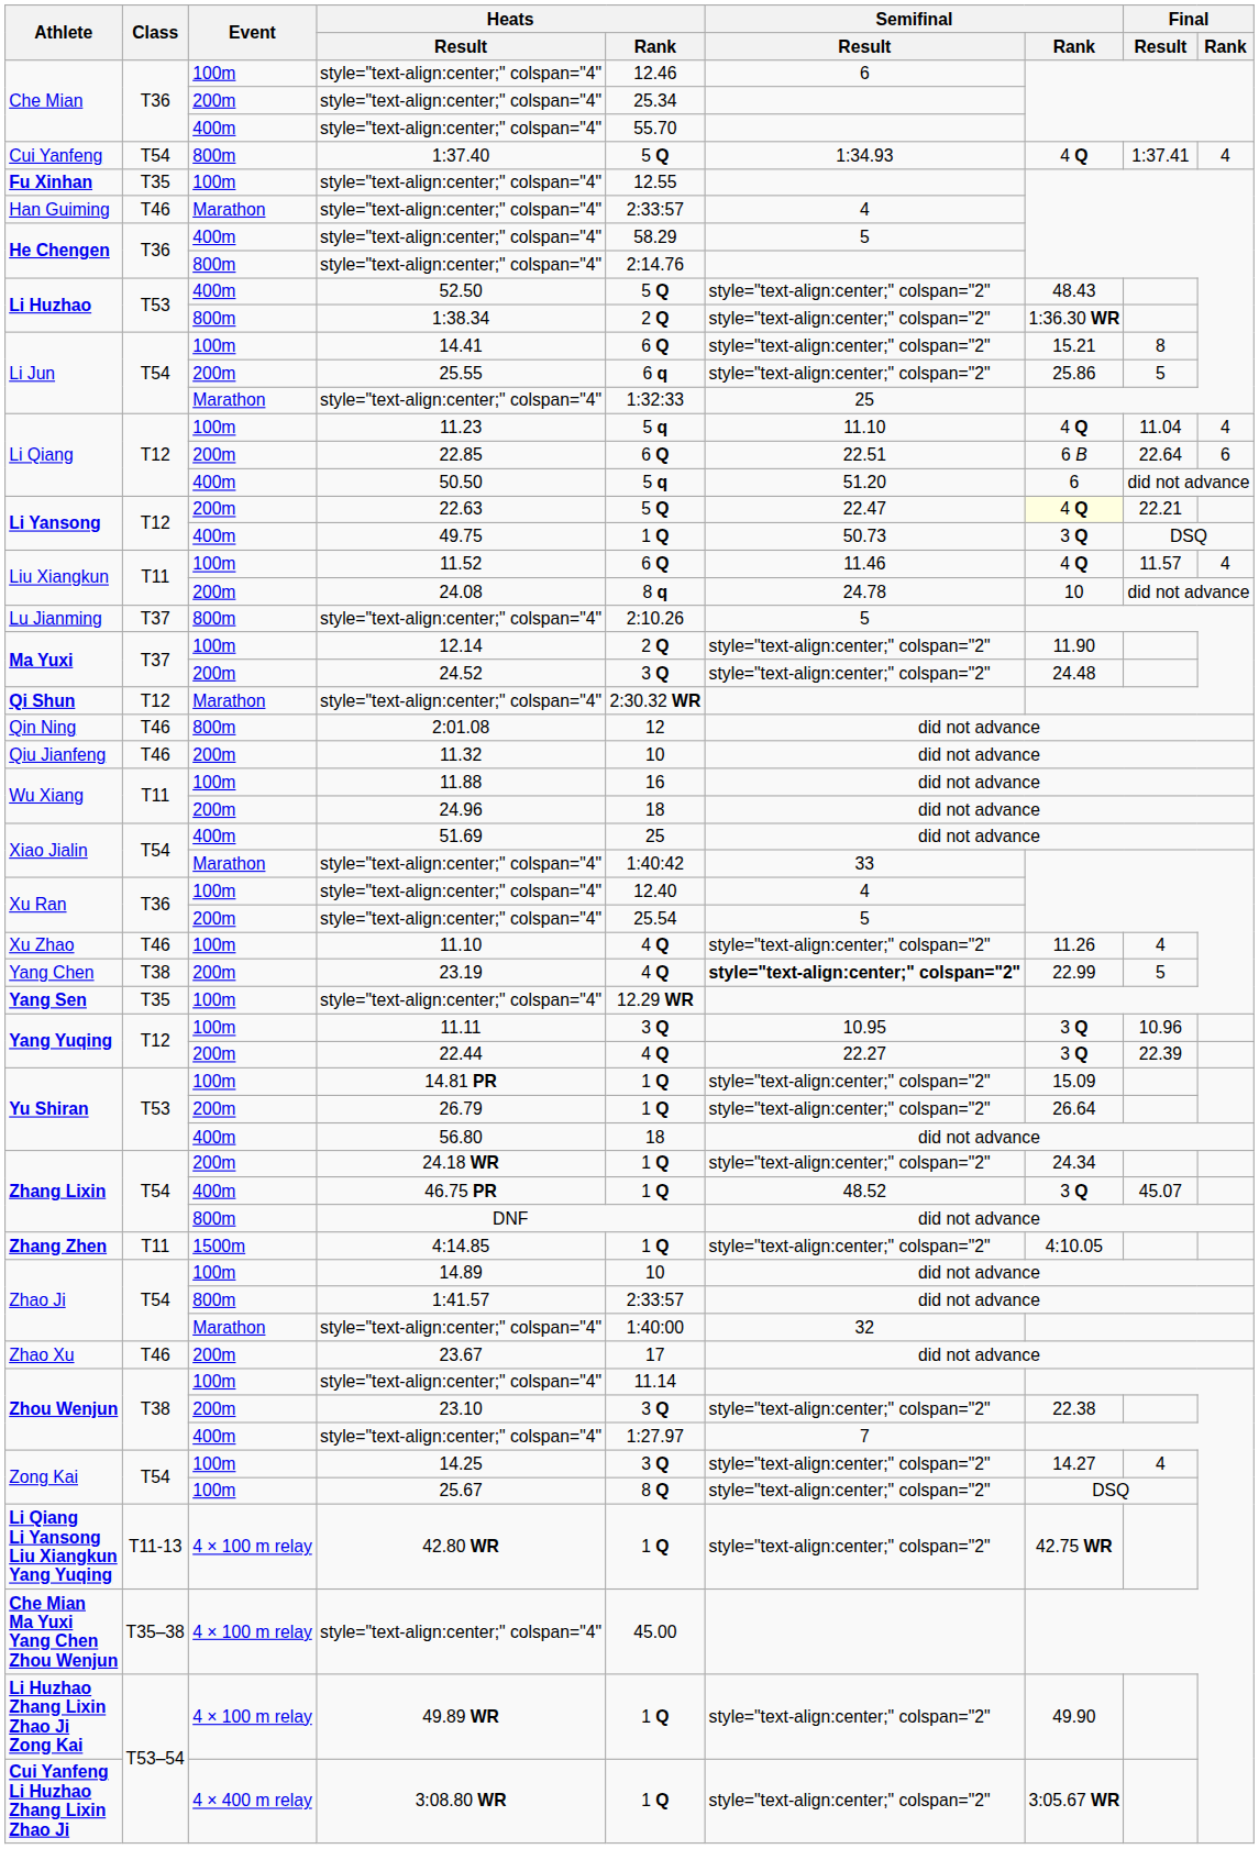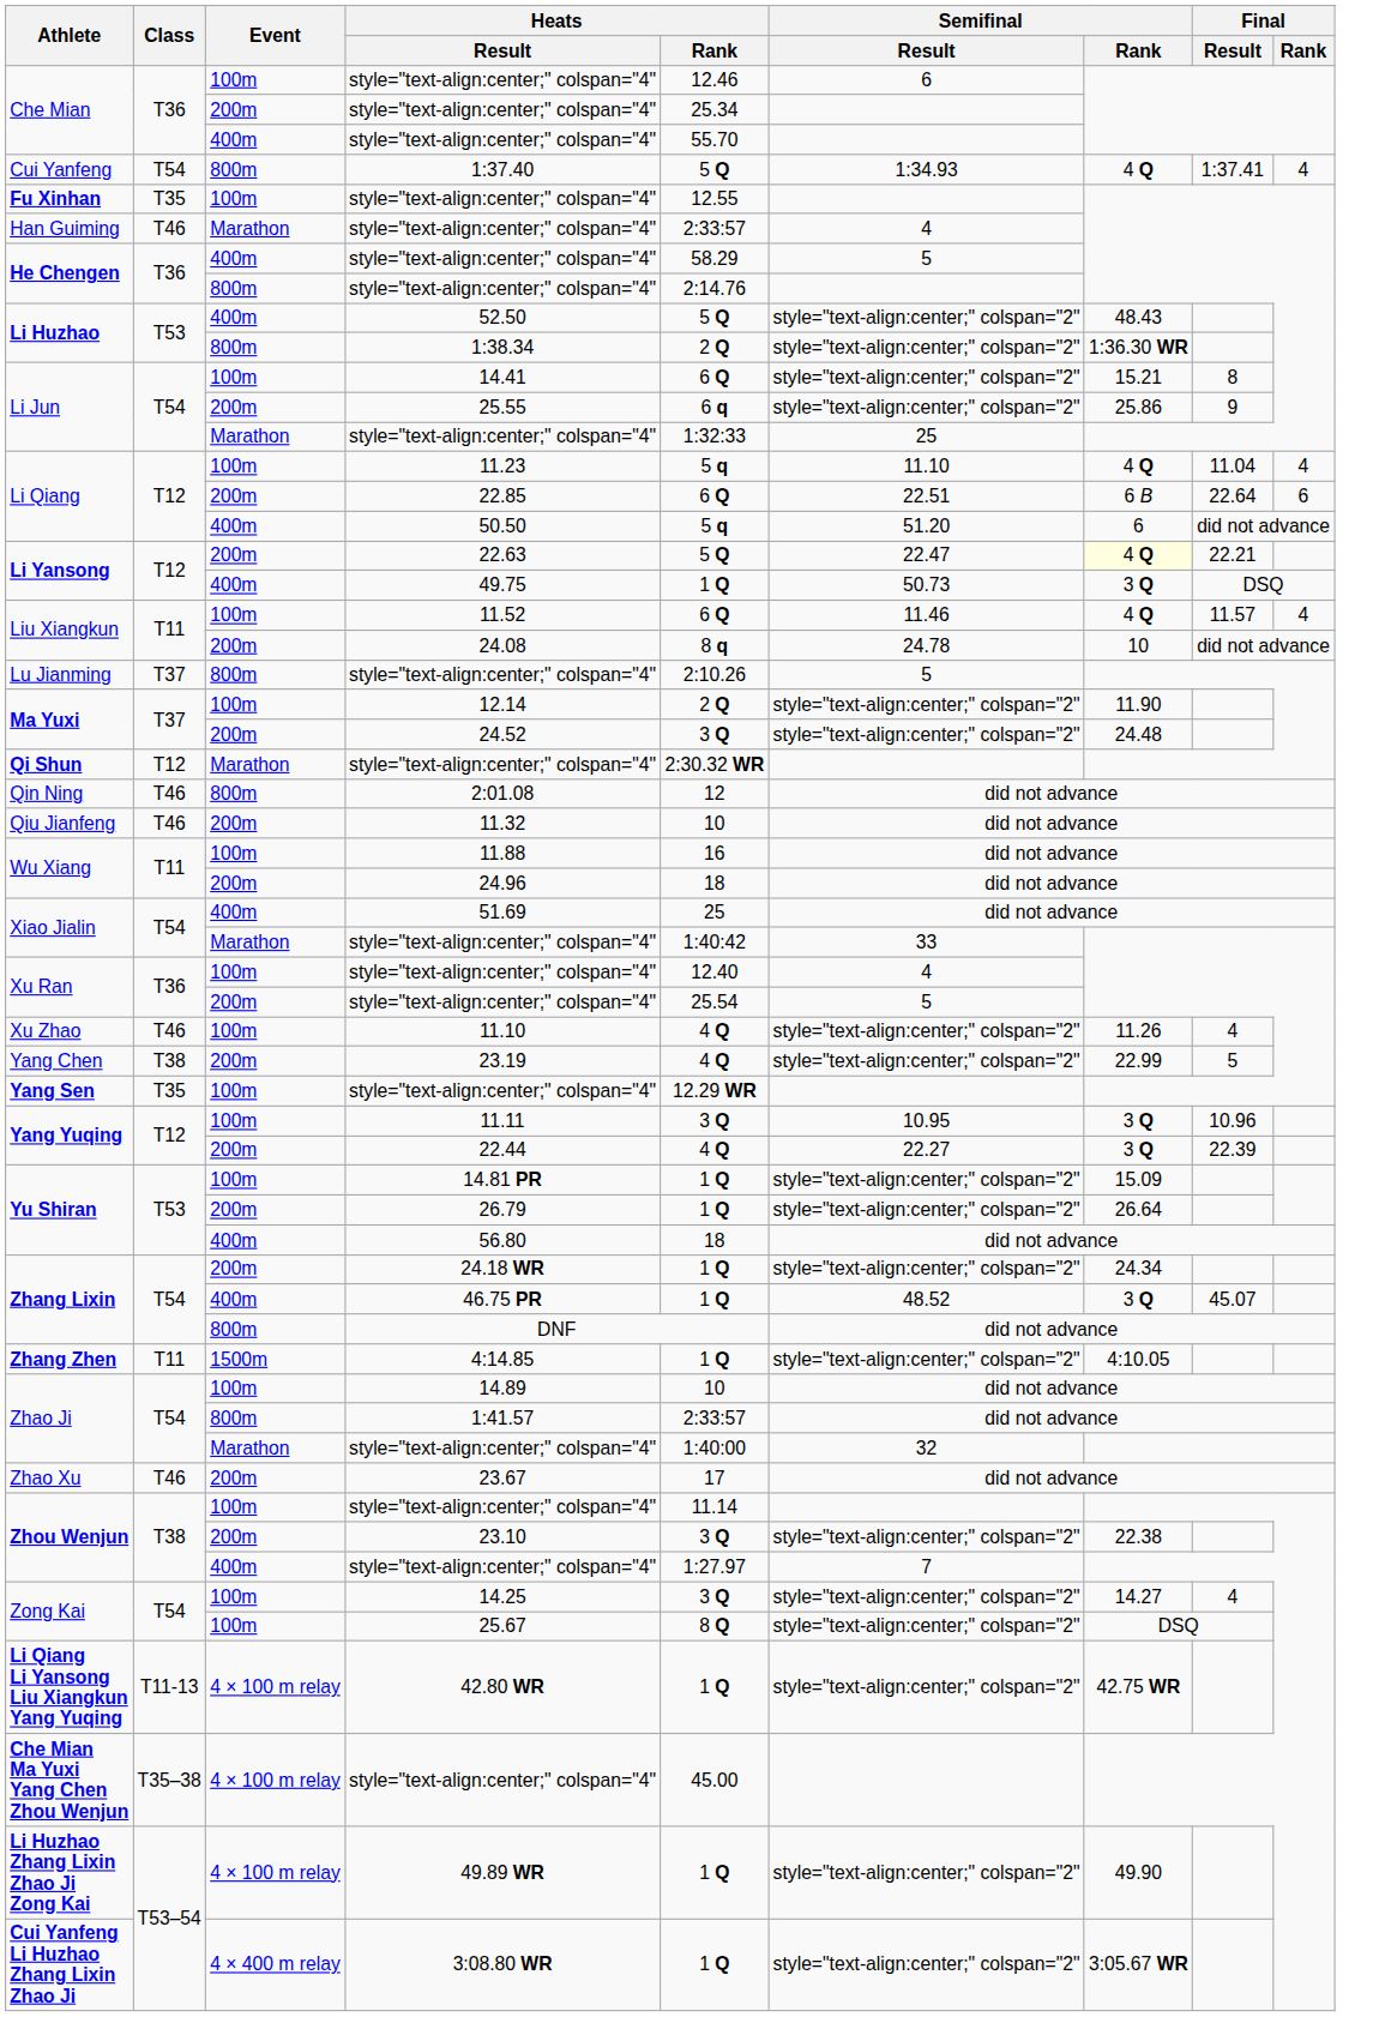 <table class=wikitable style="font-size:90%">
 <tr>
 <th rowspan="2">Athlete</th>
 <th rowspan="2">Class</th>
 <th rowspan="2">Event</th>
 <th colspan="2">Heats</th>
 <th colspan="2">Semifinal</th>
 <th colspan="2">Final</th>
 </tr>
 <tr>
 <th>Result</th>
 <th>Rank</th>
 <th>Result</th>
 <th>Rank</th>
 <th>Result</th>
 <th>Rank</th>
 </tr>
 <tr>
 <td rowspan="3"><a href='#'>Che Mian</a></td>
 <td rowspan="3" style="text-align:center;">T36</td>
 <td><a href='#'>100m</a></td>
 <td>style="text-align:center;" colspan="4" </td>
 <td style="text-align:center;">12.46</td>
 <td style="text-align:center;">6</td>
 </tr>
 <tr>
 <td><a href='#'>200m</a></td>
 <td>style="text-align:center;" colspan="4" </td>
 <td style="text-align:center;">25.34</td>
 <td style="text-align:center;"></td>
 </tr>
 <tr>
 <td><a href='#'>400m</a></td>
 <td>style="text-align:center;" colspan="4" </td>
 <td style="text-align:center;">55.70</td>
 <td style="text-align:center;"></td>
 </tr>
 <tr>
 <td><a href='#'>Cui Yanfeng</a></td>
 <td style="text-align:center;">T54</td>
 <td><a href='#'>800m</a></td>
 <td style="text-align:center;">1:37.40</td>
 <td style="text-align:center;">5 <strong>Q</strong></td>
 <td style="text-align:center;">1:34.93</td>
 <td style="text-align:center;">4 <strong>Q</strong></td>
 <td style="text-align:center;">1:37.41</td>
 <td style="text-align:center;">4</td>
 </tr>
 <tr>
 <td><strong><a href='#'>Fu Xinhan</a></strong></td>
 <td style="text-align:center;">T35</td>
 <td><a href='#'>100m</a></td>
 <td>style="text-align:center;" colspan="4" </td>
 <td style="text-align:center;">12.55</td>
 <td style="text-align:center;"></td>
 </tr>
 <tr>
 <td><a href='#'>Han Guiming</a></td>
 <td style="text-align:center;">T46</td>
 <td><a href='#'>Marathon</a></td>
 <td>style="text-align:center;" colspan="4" </td>
 <td style="text-align:center;">2:33:57</td>
 <td style="text-align:center;">4</td>
 </tr>
 <tr>
 <td rowspan="2"><strong><a href='#'>He Chengen</a></strong></td>
 <td rowspan="2" style="text-align:center;">T36</td>
 <td><a href='#'>400m</a></td>
 <td>style="text-align:center;" colspan="4" </td>
 <td style="text-align:center;">58.29</td>
 <td style="text-align:center;">5</td>
 </tr>
 <tr>
 <td><a href='#'>800m</a></td>
 <td>style="text-align:center;" colspan="4" </td>
 <td style="text-align:center;">2:14.76</td>
 <td style="text-align:center;"></td>
 </tr>
 <tr>
 <td rowspan="2"><strong><a href='#'>Li Huzhao</a></strong></td>
 <td rowspan="2" style="text-align:center;">T53</td>
 <td><a href='#'>400m</a></td>
 <td style="text-align:center;">52.50</td>
 <td style="text-align:center;">5 <strong>Q</strong></td>
 <td>style="text-align:center;" colspan="2" </td>
 <td style="text-align:center;">48.43</td>
 <td style="text-align:center;"></td>
 </tr>
 <tr>
 <td><a href='#'>800m</a></td>
 <td style="text-align:center;">1:38.34</td>
 <td style="text-align:center;">2 <strong>Q</strong></td>
 <td>style="text-align:center;" colspan="2" </td>
 <td style="text-align:center;">1:36.30 <strong>WR</strong></td>
 <td style="text-align:center;"></td>
 </tr>
 <tr>
 <td rowspan="3"><a href='#'>Li Jun</a></td>
 <td rowspan="3" style="text-align:center;">T54</td>
 <td><a href='#'>100m</a></td>
 <td style="text-align:center;">14.41</td>
 <td style="text-align:center;">6 <strong>Q</strong></td>
 <td>style="text-align:center;" colspan="2" </td>
 <td style="text-align:center;">15.21</td>
 <td style="text-align:center;">8</td>
 </tr>
 <tr>
 <td><a href='#'>200m</a></td>
 <td style="text-align:center;">25.55</td>
 <td style="text-align:center;">6 <strong>q</strong></td>
 <td>style="text-align:center;" colspan="2" </td>
 <td style="text-align:center;">25.86</td>
-<td style="text-align:center;">5</td>
+<td style="text-align:center;">9</td>
 </tr>
 <tr>
 <td><a href='#'>Marathon</a></td>
 <td>style="text-align:center;" colspan="4" </td>
 <td style="text-align:center;">1:32:33</td>
 <td style="text-align:center;">25</td>
 </tr>
 <tr>
 <td rowspan="3"><a href='#'>Li Qiang</a></td>
 <td rowspan="3" style="text-align:center;">T12</td>
 <td><a href='#'>100m</a></td>
 <td style="text-align:center;">11.23</td>
 <td style="text-align:center;">5 <strong>q</strong></td>
 <td style="text-align:center;">11.10</td>
 <td style="text-align:center;">4 <strong>Q</strong></td>
 <td style="text-align:center;">11.04</td>
 <td style="text-align:center;">4</td>
 </tr>
 <tr>
 <td><a href='#'>200m</a></td>
 <td style="text-align:center;">22.85</td>
 <td style="text-align:center;">6 <strong>Q</strong></td>
 <td style="text-align:center;">22.51</td>
 <td style="text-align:center;">6 <em>B</em></td>
 <td style="text-align:center;">22.64</td>
 <td style="text-align:center;">6</td>
 </tr>
 <tr>
 <td><a href='#'>400m</a></td>
 <td style="text-align:center;">50.50</td>
 <td style="text-align:center;">5 <strong>q</strong></td>
 <td style="text-align:center;">51.20</td>
 <td style="text-align:center;">6</td>
 <td style="text-align:center;" colspan="2">did not advance</td>
 </tr>
 <tr>
 <td rowspan="2"><strong><a href='#'>Li Yansong</a></strong></td>
 <td rowspan="2" style="text-align:center;">T12</td>
 <td><a href='#'>200m</a></td>
 <td style="text-align:center;">22.63</td>
 <td style="text-align:center;">5 <strong>Q</strong></td>
 <td style="text-align:center;">22.47</td>
 <td style="background: lightyellow; text-align:center;">4 <strong>Q</strong></td>
 <td style="text-align:center;">22.21</td>
 <td style="text-align:center;"></td>
 </tr>
 <tr>
 <td><a href='#'>400m</a></td>
 <td style="text-align:center;">49.75</td>
 <td style="text-align:center;">1 <strong>Q</strong></td>
 <td style="text-align:center;">50.73</td>
 <td style="text-align:center;">3 <strong>Q</strong></td>
 <td style="text-align:center;" colspan="2">DSQ</td>
 </tr>
 <tr>
 <td rowspan="2"><a href='#'>Liu Xiangkun</a></td>
 <td rowspan="2" style="text-align:center;">T11</td>
 <td><a href='#'>100m</a></td>
 <td style="text-align:center;">11.52</td>
 <td style="text-align:center;">6 <strong>Q</strong></td>
 <td style="text-align:center;">11.46</td>
 <td style="text-align:center;">4 <strong>Q</strong></td>
 <td style="text-align:center;">11.57</td>
 <td style="text-align:center;">4</td>
 </tr>
 <tr>
 <td><a href='#'>200m</a></td>
 <td style="text-align:center;">24.08</td>
 <td style="text-align:center;">8 <strong>q</strong></td>
 <td style="text-align:center;">24.78</td>
 <td style="text-align:center;">10</td>
 <td style="text-align:center;" colspan="2">did not advance</td>
 </tr>
 <tr>
 <td><a href='#'>Lu Jianming</a></td>
 <td style="text-align:center;">T37</td>
 <td><a href='#'>800m</a></td>
 <td>style="text-align:center;" colspan="4" </td>
 <td style="text-align:center;">2:10.26</td>
 <td style="text-align:center;">5</td>
 </tr>
 <tr>
 <td rowspan="2"><strong><a href='#'>Ma Yuxi</a></strong></td>
 <td rowspan="2" style="text-align:center;">T37</td>
 <td><a href='#'>100m</a></td>
 <td style="text-align:center;">12.14</td>
 <td style="text-align:center;">2 <strong>Q</strong></td>
 <td>style="text-align:center;" colspan="2" </td>
 <td style="text-align:center;">11.90</td>
 <td style="text-align:center;"></td>
 </tr>
 <tr>
 <td><a href='#'>200m</a></td>
 <td style="text-align:center;">24.52</td>
 <td style="text-align:center;">3 <strong>Q</strong></td>
 <td>style="text-align:center;" colspan="2" </td>
 <td style="text-align:center;">24.48</td>
 <td style="text-align:center;"></td>
 </tr>
 <tr>
 <td><strong><a href='#'>Qi Shun</a></strong></td>
 <td style="text-align:center;">T12</td>
 <td><a href='#'>Marathon</a></td>
 <td>style="text-align:center;" colspan="4" </td>
 <td style="text-align:center;">2:30.32 <strong>WR</strong></td>
 <td style="text-align:center;"></td>
 </tr>
 <tr>
 <td><a href='#'>Qin Ning</a></td>
 <td style="text-align:center;">T46</td>
 <td><a href='#'>800m</a></td>
 <td style="text-align:center;">2:01.08</td>
 <td style="text-align:center;">12</td>
 <td style="text-align:center;" colspan="4">did not advance</td>
 </tr>
 <tr>
 <td><a href='#'>Qiu Jianfeng</a></td>
 <td style="text-align:center;">T46</td>
 <td><a href='#'>200m</a></td>
 <td style="text-align:center;">11.32</td>
 <td style="text-align:center;">10</td>
 <td style="text-align:center;" colspan="4">did not advance</td>
 </tr>
 <tr>
 <td rowspan="2"><a href='#'>Wu Xiang</a></td>
 <td rowspan="2" style="text-align:center;">T11</td>
 <td><a href='#'>100m</a></td>
 <td style="text-align:center;">11.88</td>
 <td style="text-align:center;">16</td>
 <td style="text-align:center;" colspan="4">did not advance</td>
 </tr>
 <tr>
 <td><a href='#'>200m</a></td>
 <td style="text-align:center;">24.96</td>
 <td style="text-align:center;">18</td>
 <td style="text-align:center;" colspan="4">did not advance</td>
 </tr>
 <tr>
 <td rowspan="2"><a href='#'>Xiao Jialin</a></td>
 <td rowspan="2" style="text-align:center;">T54</td>
 <td><a href='#'>400m</a></td>
 <td style="text-align:center;">51.69</td>
 <td style="text-align:center;">25</td>
 <td style="text-align:center;" colspan="4">did not advance</td>
 </tr>
 <tr>
 <td><a href='#'>Marathon</a></td>
 <td>style="text-align:center;" colspan="4" </td>
 <td style="text-align:center;">1:40:42</td>
 <td style="text-align:center;">33</td>
 </tr>
 <tr>
 <td rowspan="2"><a href='#'>Xu Ran</a></td>
 <td rowspan="2" style="text-align:center;">T36</td>
 <td><a href='#'>100m</a></td>
 <td>style="text-align:center;" colspan="4" </td>
 <td style="text-align:center;">12.40</td>
 <td style="text-align:center;">4</td>
 </tr>
 <tr>
 <td><a href='#'>200m</a></td>
 <td>style="text-align:center;" colspan="4" </td>
 <td style="text-align:center;">25.54</td>
 <td style="text-align:center;">5</td>
 </tr>
 <tr>
 <td><a href='#'>Xu Zhao</a></td>
 <td style="text-align:center;">T46</td>
 <td><a href='#'>100m</a></td>
 <td style="text-align:center;">11.10</td>
 <td style="text-align:center;">4 <strong>Q</strong></td>
 <td>style="text-align:center;" colspan="2" </td>
 <td style="text-align:center;">11.26</td>
 <td style="text-align:center;">4</td>
 </tr>
 <tr>
 <td><a href='#'>Yang Chen</a></td>
 <td style="text-align:center;">T38</td>
 <td><a href='#'>200m</a></td>
 <td style="text-align:center;">23.19</td>
 <td style="text-align:center;">4 <strong>Q</strong></td>
-<td><strong>style="text-align:center;" colspan="2" </strong></td>
+<td>style="text-align:center;" colspan="2" </td>
 <td style="text-align:center;">22.99</td>
 <td style="text-align:center;">5</td>
 </tr>
 <tr>
 <td><strong><a href='#'>Yang Sen</a></strong></td>
 <td style="text-align:center;">T35</td>
 <td><a href='#'>100m</a></td>
 <td>style="text-align:center;" colspan="4" </td>
 <td style="text-align:center;">12.29 <strong>WR</strong></td>
 <td style="text-align:center;"></td>
 </tr>
 <tr>
 <td rowspan="2"><strong><a href='#'>Yang Yuqing</a></strong></td>
 <td rowspan="2" style="text-align:center;">T12</td>
 <td><a href='#'>100m</a></td>
 <td style="text-align:center;">11.11</td>
 <td style="text-align:center;">3 <strong>Q</strong></td>
 <td style="text-align:center;">10.95</td>
 <td style="text-align:center;">3 <strong>Q</strong></td>
 <td style="text-align:center;">10.96</td>
 <td style="text-align:center;"></td>
 </tr>
 <tr>
 <td><a href='#'>200m</a></td>
 <td style="text-align:center;">22.44</td>
 <td style="text-align:center;">4 <strong>Q</strong></td>
 <td style="text-align:center;">22.27</td>
 <td style="text-align:center;">3 <strong>Q</strong></td>
 <td style="text-align:center;">22.39</td>
 <td style="text-align:center;"></td>
 </tr>
 <tr>
 <td rowspan="3"><strong><a href='#'>Yu Shiran</a></strong></td>
 <td rowspan="3" style="text-align:center;">T53</td>
 <td><a href='#'>100m</a></td>
 <td style="text-align:center;">14.81 <strong>PR</strong></td>
 <td style="text-align:center;">1 <strong>Q</strong></td>
 <td>style="text-align:center;" colspan="2" </td>
 <td style="text-align:center;">15.09</td>
 <td style="text-align:center;"></td>
 </tr>
 <tr>
 <td><a href='#'>200m</a></td>
 <td style="text-align:center;">26.79</td>
 <td style="text-align:center;">1 <strong>Q</strong></td>
 <td>style="text-align:center;" colspan="2" </td>
 <td style="text-align:center;">26.64</td>
 <td style="text-align:center;"></td>
 </tr>
 <tr>
 <td><a href='#'>400m</a></td>
 <td style="text-align:center;">56.80</td>
 <td style="text-align:center;">18</td>
 <td style="text-align:center;" colspan="4">did not advance</td>
 </tr>
 <tr>
 <td rowspan="3"><strong><a href='#'>Zhang Lixin</a></strong></td>
 <td rowspan="3" style="text-align:center;">T54</td>
 <td><a href='#'>200m</a></td>
 <td style="text-align:center;">24.18 <strong>WR</strong></td>
 <td style="text-align:center;">1 <strong>Q</strong></td>
 <td>style="text-align:center;" colspan="2" </td>
 <td style="text-align:center;">24.34</td>
 <td style="text-align:center;"></td>
 </tr>
 <tr>
 <td><a href='#'>400m</a></td>
 <td style="text-align:center;">46.75 <strong>PR</strong></td>
 <td style="text-align:center;">1 <strong>Q</strong></td>
 <td style="text-align:center;">48.52</td>
 <td style="text-align:center;">3 <strong>Q</strong></td>
 <td style="text-align:center;">45.07</td>
 <td style="text-align:center;"></td>
 </tr>
 <tr>
 <td><a href='#'>800m</a></td>
 <td style="text-align:center;" colspan="2">DNF</td>
 <td style="text-align:center;" colspan="4">did not advance</td>
 </tr>
 <tr>
 <td><strong><a href='#'>Zhang Zhen</a></strong></td>
 <td style="text-align:center;">T11</td>
 <td><a href='#'>1500m</a></td>
 <td style="text-align:center;">4:14.85</td>
 <td style="text-align:center;">1 <strong>Q</strong></td>
 <td>style="text-align:center;" colspan="2" </td>
 <td style="text-align:center;">4:10.05</td>
 <td style="text-align:center;"></td>
 </tr>
 <tr>
 <td rowspan="3"><a href='#'>Zhao Ji</a></td>
 <td rowspan="3" style="text-align:center;">T54</td>
 <td><a href='#'>100m</a></td>
 <td style="text-align:center;">14.89</td>
 <td style="text-align:center;">10</td>
 <td style="text-align:center;" colspan="4">did not advance</td>
 </tr>
 <tr>
 <td><a href='#'>800m</a></td>
 <td style="text-align:center;">1:41.57</td>
 <td style="text-align:center;">2:33:57</td>
 <td style="text-align:center;" colspan="4">did not advance</td>
 </tr>
 <tr>
 <td><a href='#'>Marathon</a></td>
 <td>style="text-align:center;" colspan="4" </td>
 <td style="text-align:center;">1:40:00</td>
 <td style="text-align:center;">32</td>
 </tr>
 <tr>
 <td><a href='#'>Zhao Xu</a></td>
 <td style="text-align:center;">T46</td>
 <td><a href='#'>200m</a></td>
 <td style="text-align:center;">23.67</td>
 <td style="text-align:center;">17</td>
 <td style="text-align:center;" colspan="4">did not advance</td>
 </tr>
 <tr>
 <td rowspan="3"><strong><a href='#'>Zhou Wenjun</a></strong></td>
 <td rowspan="3" style="text-align:center;">T38</td>
 <td><a href='#'>100m</a></td>
 <td>style="text-align:center;" colspan="4" </td>
 <td style="text-align:center;">11.14</td>
 <td style="text-align:center;"></td>
 </tr>
 <tr>
 <td><a href='#'>200m</a></td>
 <td style="text-align:center;">23.10</td>
 <td style="text-align:center;">3 <strong>Q</strong></td>
 <td>style="text-align:center;" colspan="2" </td>
 <td style="text-align:center;">22.38</td>
 <td style="text-align:center;"></td>
 </tr>
 <tr>
 <td><a href='#'>400m</a></td>
 <td>style="text-align:center;" colspan="4" </td>
 <td style="text-align:center;">1:27.97</td>
 <td style="text-align:center;">7</td>
 </tr>
 <tr>
 <td rowspan="2"><a href='#'>Zong Kai</a></td>
 <td rowspan="2" style="text-align:center;">T54</td>
 <td><a href='#'>100m</a></td>
 <td style="text-align:center;">14.25</td>
 <td style="text-align:center;">3 <strong>Q</strong></td>
 <td>style="text-align:center;" colspan="2" </td>
 <td style="text-align:center;">14.27</td>
 <td style="text-align:center;">4</td>
 </tr>
 <tr>
 <td><a href='#'>100m</a></td>
 <td style="text-align:center;">25.67</td>
 <td style="text-align:center;">8 <strong>Q</strong></td>
 <td>style="text-align:center;" colspan="2" </td>
 <td style="text-align:center;" colspan="2">DSQ</td>
 </tr>
 <tr>
 <td><strong><a href='#'>Li Qiang</a></strong><br> <strong><a href='#'>Li Yansong</a></strong><br> <strong><a href='#'>Liu Xiangkun</a></strong><br> <strong><a href='#'>Yang Yuqing</a></strong></td>
 <td style="text-align:center;">T11-13</td>
 <td><a href='#'>4 × 100 m relay</a></td>
 <td style="text-align:center;">42.80 <strong>WR</strong></td>
 <td style="text-align:center;">1 <strong>Q</strong></td>
 <td>style="text-align:center;" colspan="2" </td>
 <td style="text-align:center;">42.75 <strong>WR</strong></td>
 <td style="text-align:center;"></td>
 </tr>
 <tr>
 <td><strong><a href='#'>Che Mian</a></strong><br> <strong><a href='#'>Ma Yuxi</a></strong><br> <strong><a href='#'>Yang Chen</a></strong><br> <strong><a href='#'>Zhou Wenjun</a></strong></td>
 <td style="text-align:center;">T35–38</td>
 <td><a href='#'>4 × 100 m relay</a></td>
 <td>style="text-align:center;" colspan="4" </td>
 <td style="text-align:center;">45.00</td>
 <td style="text-align:center;"></td>
 </tr>
 <tr>
 <td><strong><a href='#'>Li Huzhao</a></strong><br> <strong><a href='#'>Zhang Lixin</a></strong><br> <strong><a href='#'>Zhao Ji</a></strong><br> <strong><a href='#'>Zong Kai</a></strong></td>
 <td rowspan="2" style="text-align:center;">T53–54</td>
 <td><a href='#'>4 × 100 m relay</a></td>
 <td style="text-align:center;">49.89 <strong>WR</strong></td>
 <td style="text-align:center;">1 <strong>Q</strong></td>
 <td>style="text-align:center;" colspan="2" </td>
 <td style="text-align:center;">49.90</td>
 <td style="text-align:center;"></td>
 </tr>
 <tr>
 <td><strong><a href='#'>Cui Yanfeng</a></strong><br> <strong><a href='#'>Li Huzhao</a></strong><br> <strong><a href='#'>Zhang Lixin</a></strong><br> <strong><a href='#'>Zhao Ji</a></strong></td>
 <td><a href='#'>4 × 400 m relay</a></td>
 <td style="text-align:center;">3:08.80 <strong>WR</strong></td>
 <td style="text-align:center;">1 <strong>Q</strong></td>
 <td>style="text-align:center;" colspan="2" </td>
 <td style="text-align:center;">3:05.67 <strong>WR</strong></td>
 <td style="text-align:center;"></td>
 </tr>
 </table>
